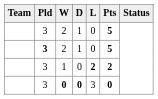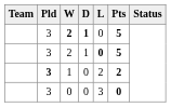 <table style=border-collapse:collapse border=1 cellspacing=0 cellpadding=5>
 <tr align=center bgcolor=#efefef>
 <th>Team</th>
 <th>Pld</th>
 <th>W</th>
 <th>D</th>
 <th>L</th>
 <th>Pts</th>
 <th>Status</th>
 </tr>
 <tr align=center style="background:#FFFFFF;">
 <td style="text-align:left;"> </td>
 <td>3</td>
-<td>2</td>
-<td>1</td>
+<td><strong>2</strong></td>
+<td><strong>1</strong></td>
 <td>0</td>
 <td><strong>5</strong></td>
 <td rowspan=4></td>
 </tr>
 <tr align=center style="background:#FFFFFF;">
 <td style="text-align:left;"> </td>
-<td><strong>3</strong></td>
+<td>3</td>
 <td>2</td>
 <td>1</td>
-<td>0</td>
+<td><strong>0</strong></td>
 <td><strong>5</strong></td>
 </tr>
 <tr align=center style="background:#FFFFFF;">
 <td style="text-align:left;"> </td>
-<td>3</td>
+<td><strong>3</strong></td>
 <td>1</td>
 <td>0</td>
-<td><strong>2</strong></td>
+<td>2</td>
 <td><strong>2</strong></td>
 </tr>
 <tr align=center style="background:#FFFFFF;">
 <td style="text-align:left;"> </td>
 <td>3</td>
-<td><strong>0</strong></td>
-<td><strong>0</strong></td>
+<td>0</td>
+<td>0</td>
 <td>3</td>
 <td><strong>0</strong></td>
 </tr>
 </table>
